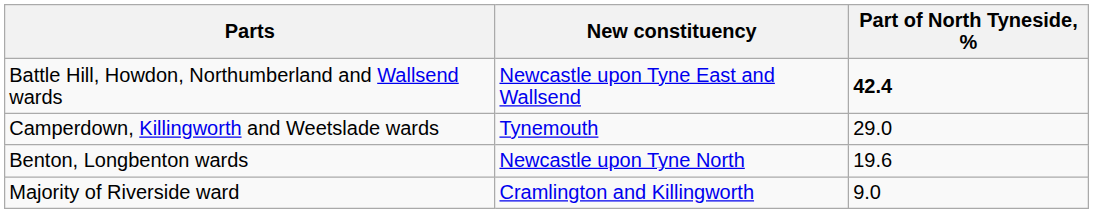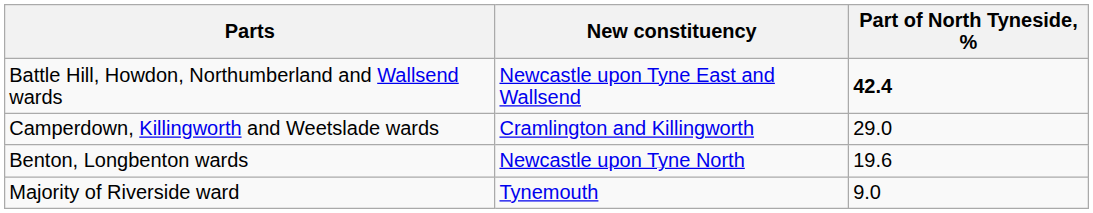 <table class="wikitable">
 <tr>
 <th>Parts</th>
 <th>New constituency</th>
 <th>Part of North Tyneside, %</th>
 </tr>
 <tr>
 <td>Battle Hill, Howdon, Northumberland and <a href='#'>Wallsend</a> wards</td>
 <td><a href='#'>Newcastle upon Tyne East and Wallsend</a></td>
 <td><strong>42.4</strong></td>
 </tr>
 <tr>
 <td>Camperdown, <a href='#'>Killingworth</a> and Weetslade wards</td>
-<td><a href='#'>Tynemouth</a></td>
+<td><a href='#'>Cramlington and Killingworth</a></td>
 <td>29.0</td>
 </tr>
 <tr>
 <td>Benton, Longbenton wards</td>
 <td><a href='#'>Newcastle upon Tyne North</a></td>
 <td>19.6</td>
 </tr>
 <tr>
 <td>Majority of Riverside ward</td>
-<td><a href='#'>Cramlington and Killingworth</a></td>
+<td><a href='#'>Tynemouth</a></td>
 <td>9.0</td>
 </tr>
 </table>
